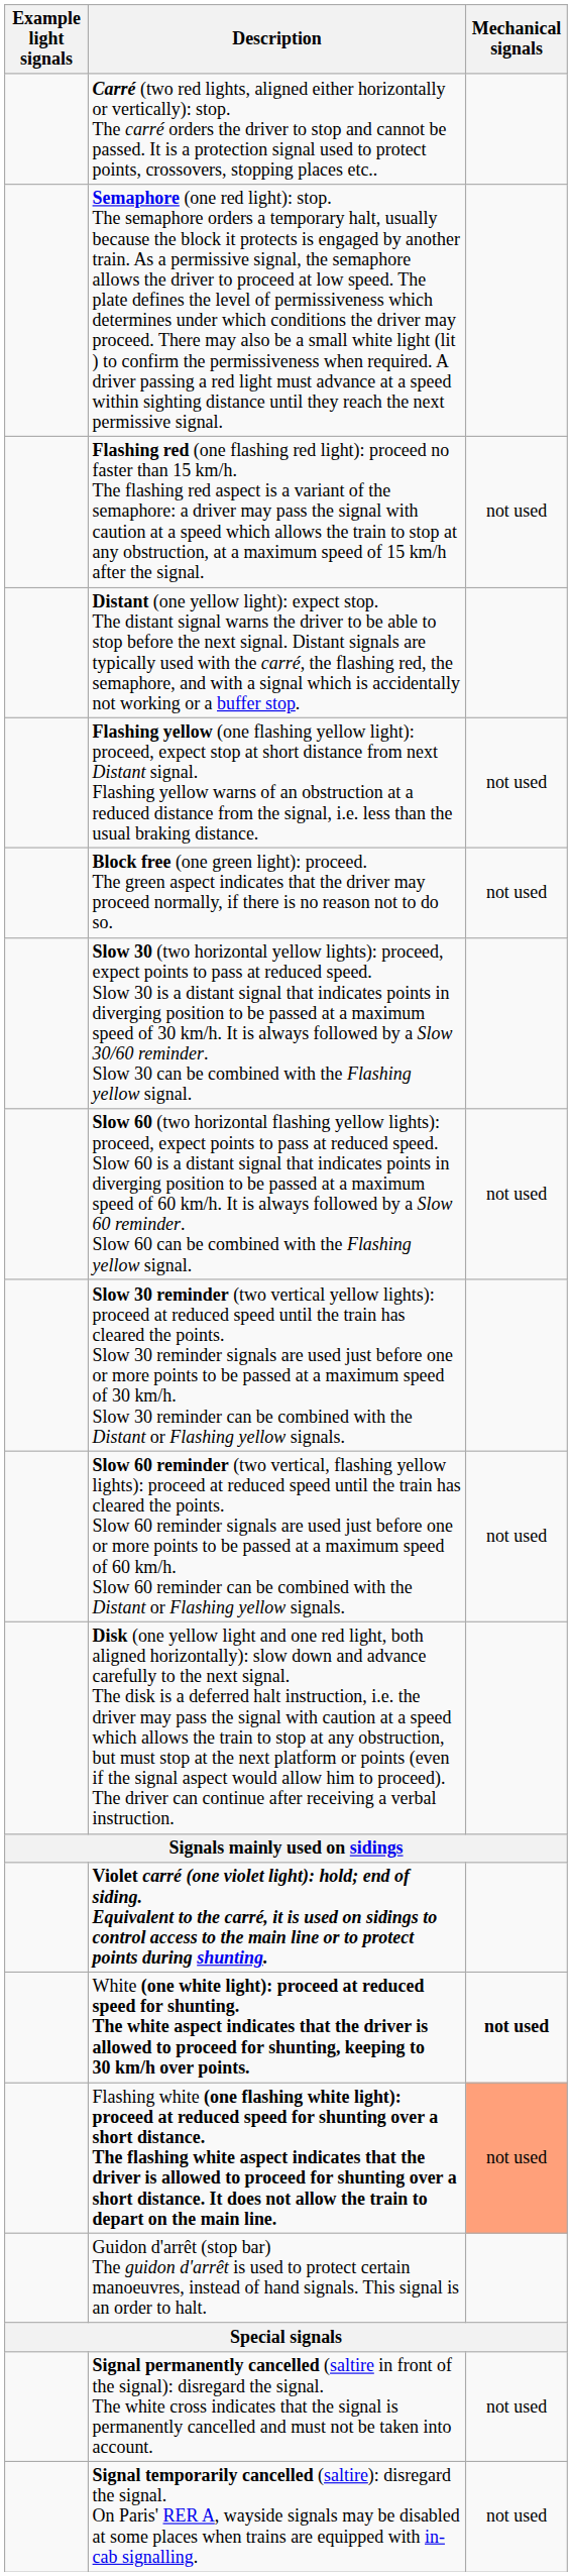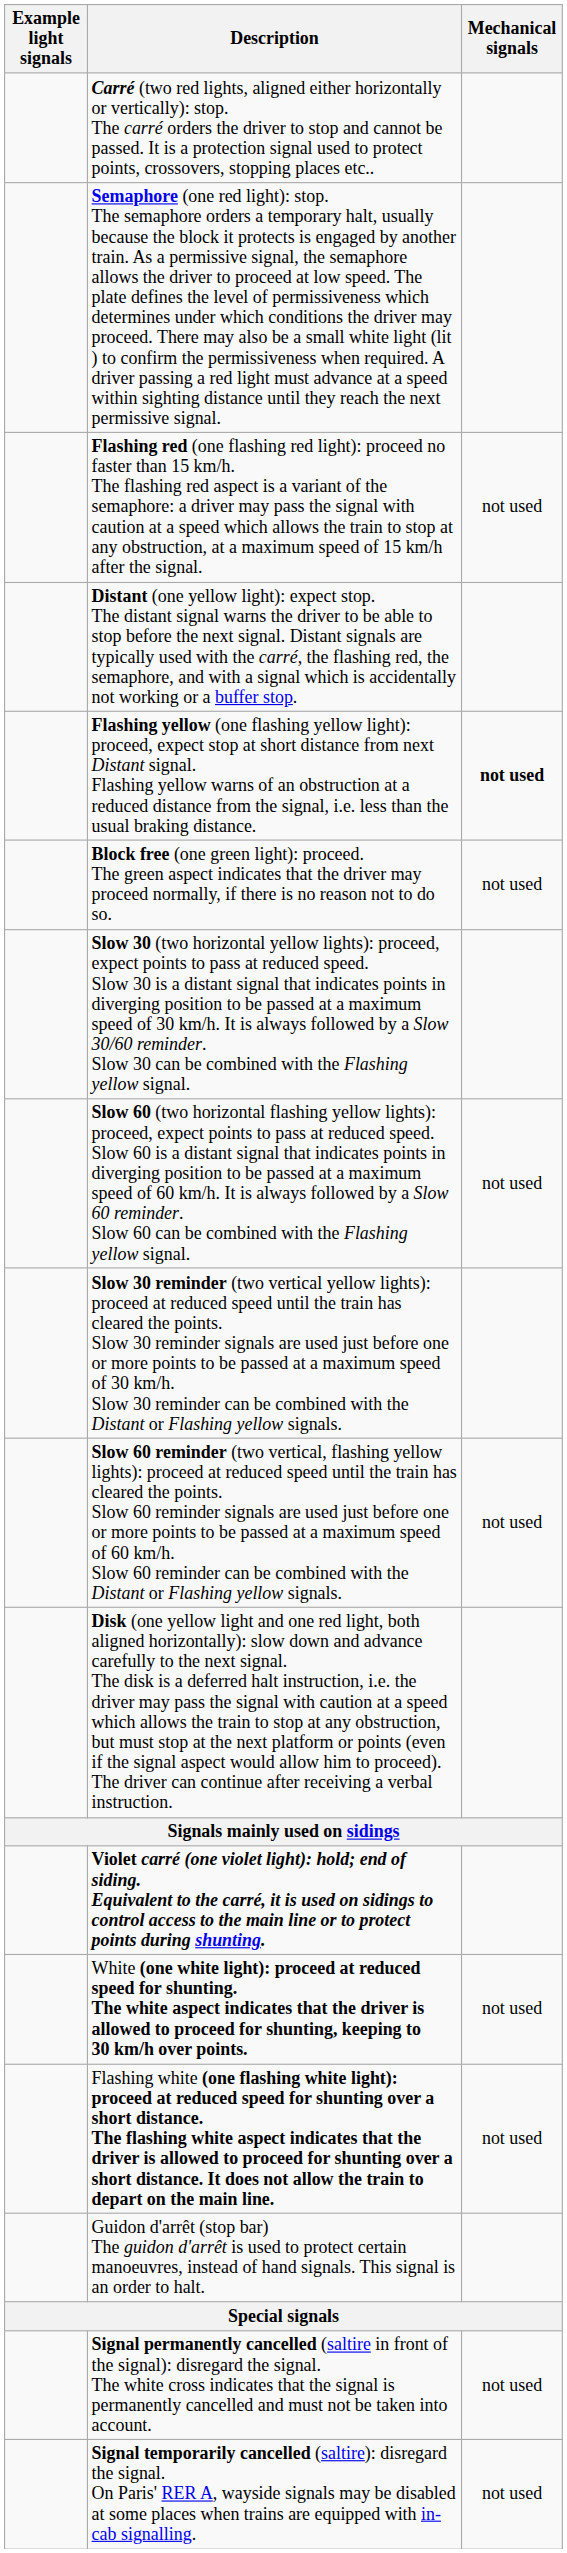 <table class="wikitable" style="width: 80%;">
 <tr>
 <th>Example light signals</th>
 <th>Description</th>
 <th>Mechanical signals</th>
 </tr>
 <tr>
 <td style="text-align: center; white-space: nowrap;"></td>
 <td><strong><em>Carré</em></strong> (two red lights, aligned either horizontally or vertically): stop.<br>The <em>carré</em> orders the driver to stop and cannot be passed. It is a protection signal used to  protect points, crossovers, stopping places etc..</td>
 <td style="text-align: center;"></td>
 </tr>
 <tr>
 <td style="text-align: center;"></td>
 <td><strong><a href='#'>Semaphore</a></strong> (one red light): stop.<br>The semaphore orders a temporary halt, usually because the block it protects is engaged by another train. As a permissive signal, the semaphore allows the driver to proceed at low speed. The plate defines the level of permissiveness which determines under which conditions the driver may proceed. There may also be a small white light (lit ) to confirm the permissiveness when required. A driver passing a red light must advance at a speed within sighting distance until they reach the next permissive signal.</td>
 <td style="text-align: center;"></td>
 </tr>
 <tr>
 <td style="text-align: center; white-space: nowrap;"></td>
 <td><strong>Flashing red</strong> (one flashing red light): proceed no faster than 15 km/h.<br>The flashing red aspect is a variant of the semaphore: a driver may pass the signal with caution at a speed which allows the train to stop at any obstruction, at a maximum speed of 15 km/h after the signal.</td>
 <td style="text-align: center;">not used</td>
 </tr>
 <tr>
 <td style="text-align: center; white-space: nowrap;"></td>
 <td><strong>Distant</strong> (one yellow light): expect stop.<br>The distant signal warns the driver to be able to stop before the next signal. Distant signals are typically used with the <em>carré</em>, the flashing red, the semaphore, and with a signal which is accidentally not working or a <a href='#'>buffer stop</a>.</td>
 <td style="text-align: center;"></td>
 </tr>
 <tr>
 <td style="text-align: center; white-space: nowrap;"></td>
 <td><strong>Flashing yellow</strong> (one flashing yellow light): proceed, expect stop at short distance from next <em>Distant</em> signal.<br>Flashing yellow warns of an obstruction at a reduced distance from the signal, i.e. less than the usual braking distance.</td>
-<td style="text-align: center;">not used</td>
+<td style="text-align: center;"><strong>not used</strong></td>
 </tr>
 <tr>
 <td style="text-align: center; white-space: nowrap;"></td>
 <td><strong>Block free</strong> (one green light): proceed.<br>The green aspect indicates that the driver may proceed normally, if there is no reason not to do so.</td>
 <td style="text-align: center;">not used</td>
 </tr>
 <tr>
 <td style="text-align: center; white-space: nowrap;"></td>
 <td><strong>Slow 30</strong> (two horizontal yellow lights): proceed, expect points to pass at reduced speed.<br>Slow 30 is a distant signal that indicates points in diverging position to be passed at a maximum speed of 30 km/h. It is always followed by a <em>Slow 30/60 reminder</em>.<br>Slow 30 can be combined with the <em>Flashing yellow</em> signal.<br></td>
 <td style="text-align: center;"></td>
 </tr>
 <tr>
 <td style="text-align: center; white-space: nowrap;"></td>
 <td><strong>Slow 60</strong> (two horizontal flashing yellow lights): proceed, expect points to pass at reduced speed.<br>Slow 60 is a distant signal that indicates points in diverging position to be passed at a maximum speed of 60 km/h. It is always followed by a <em>Slow 60 reminder</em>.<br>Slow 60 can be combined with the <em>Flashing yellow</em> signal.<br></td>
 <td style="text-align: center;">not used</td>
 </tr>
 <tr>
 <td style="text-align: center; white-space: nowrap;"></td>
 <td><strong>Slow 30 reminder</strong> (two vertical yellow lights): proceed at reduced speed until the train has cleared the points.<br>Slow 30 reminder signals are used just before one or more points to be passed at a maximum speed of 30 km/h.<br>Slow 30 reminder can be combined with the <em>Distant</em> or <em>Flashing yellow</em> signals. </td>
 <td style="text-align: center;"></td>
 </tr>
 <tr>
 <td style="text-align: center; white-space: nowrap;"></td>
 <td><strong>Slow 60 reminder</strong> (two vertical, flashing yellow lights): proceed at reduced speed until the train has cleared the points.<br>Slow 60 reminder signals are used just before one or more points to be passed at a maximum speed of 60 km/h.<br>Slow 60 reminder can be combined with the <em>Distant</em> or <em>Flashing yellow</em> signals. </td>
 <td style="text-align: center;">not used</td>
 </tr>
 <tr>
 <td style="text-align: center;"></td>
 <td><strong>Disk</strong> (one yellow light and one red light, both aligned horizontally): slow down and advance carefully to the next signal.<br>The disk is a deferred halt instruction, i.e. the driver may pass the signal with caution at a speed which allows the train to stop at any obstruction, but must stop at the next platform or points (even if the signal aspect would allow him to proceed). The driver can continue after receiving a verbal instruction.</td>
 <td style="text-align: center;"></td>
 </tr>
 <tr>
 <th colspan="3">Signals mainly used on <a href='#'>sidings</a></th>
 </tr>
 <tr>
 <td style="text-align: center;"></td>
 <td><strong>Violet <em>carré<strong><em> (one violet light): hold; end of siding.<br>Equivalent to the </em>carré<em>, it is used on sidings to control access to the main line or to protect points during <a href='#'>shunting</a>.</td>
 <td style="text-align: center;"></td>
 </tr>
 <tr>
 <td style="text-align: center; white-space: nowrap;"></td>
 <td></strong>White<strong> (one white light): proceed at reduced speed for shunting.<br>The white aspect indicates that the driver is allowed to proceed for shunting, keeping to 30 km/h over points.</td>
-<td style="text-align: center;"><strong>not used</strong></td>
+<td style="text-align: center;">not used</td>
 </tr>
 <tr>
 <td style="text-align: center; white-space: nowrap;"></td>
 <td></strong>Flashing white<strong> (one flashing white light): proceed at reduced speed for shunting over a short distance.<br>The flashing white aspect indicates that the driver is allowed to proceed for shunting over a short distance. It does not allow the train to depart on the main line.</td>
-<td style="background: lightsalmon; text-align: center;">not used</td>
+<td style="text-align: center;">not used</td>
 </tr>
 <tr>
 <td style="text-align: center; white-space: nowrap;"></td>
 <td></em></strong>Guidon d'arrêt</em> (stop bar)</strong><br>The <em>guidon d'arrêt</em> is used to protect certain manoeuvres, instead of hand signals. This signal is an order to halt.</td>
 <td style="text-align: center;"></td>
 </tr>
 <tr>
 <th colspan="3">Special signals</th>
 </tr>
 <tr>
 <td style="text-align: center;"></td>
 <td><strong>Signal permanently cancelled</strong> (<a href='#'>saltire</a> in front of the signal): disregard the signal.<br>The white cross indicates that the signal is permanently cancelled and must not be taken into account.</td>
 <td style="text-align: center;">not used</td>
 </tr>
 <tr>
 <td style="text-align: center;"></td>
 <td><strong>Signal temporarily cancelled</strong> (<a href='#'>saltire</a>): disregard the signal.<br>On Paris' <a href='#'>RER A</a>, wayside signals may be disabled at some places when trains are equipped with <a href='#'>in-cab signalling</a>.</td>
 <td style="text-align: center;">not used</td>
 </tr>
 </table>
